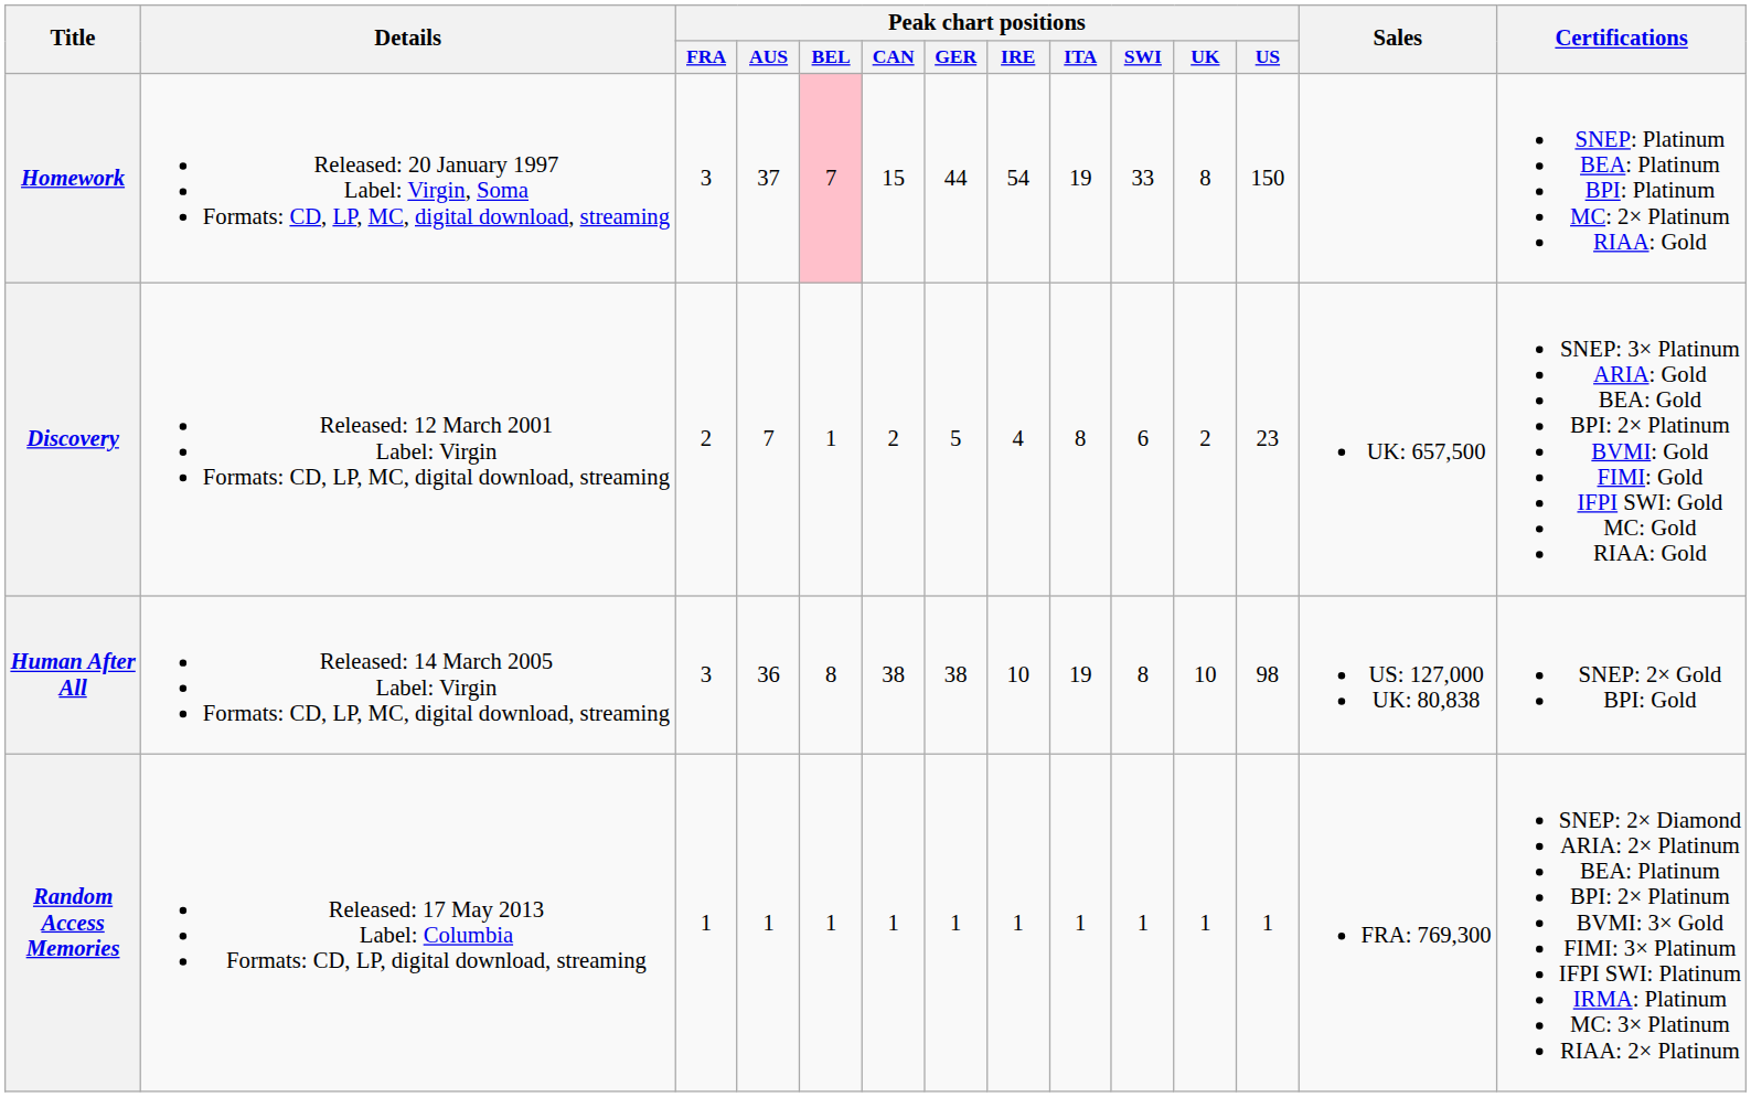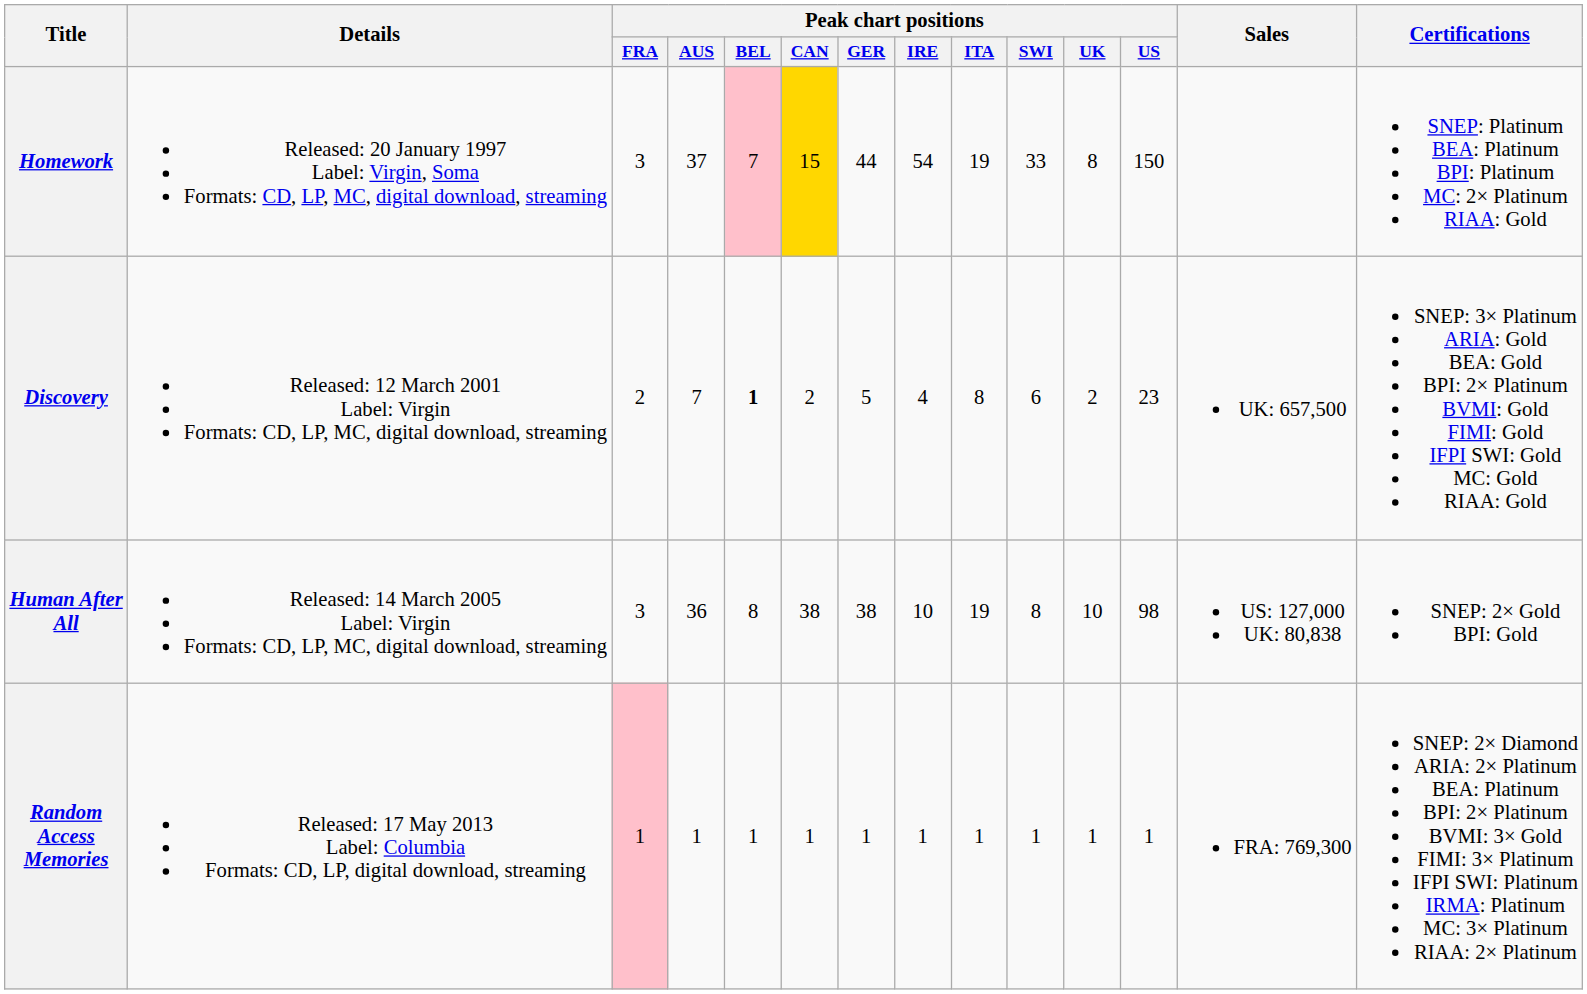 <table class="wikitable plainrowheaders" style="text-align:center;">
 <tr>
 <th scope="col" rowspan="2">Title</th>
 <th scope="col" rowspan="2">Details</th>
 <th scope="col" colspan="10">Peak chart positions</th>
 <th scope="col" rowspan="2">Sales</th>
 <th scope="col" rowspan="2"><a href='#'>Certifications</a></th>
 </tr>
 <tr>
 <th scope="col" style="width:2.75em;font-size:85%;"><a href='#'>FRA</a><br></th>
 <th scope="col" style="width:2.75em;font-size:85%;"><a href='#'>AUS</a><br></th>
 <th scope="col" style="width:2.75em;font-size:85%;"><a href='#'>BEL</a><br></th>
 <th scope="col" style="width:2.75em;font-size:85%;"><a href='#'>CAN</a><br></th>
 <th scope="col" style="width:2.75em;font-size:85%;"><a href='#'>GER</a><br></th>
 <th scope="col" style="width:2.75em;font-size:85%;"><a href='#'>IRE</a><br></th>
 <th scope="col" style="width:2.75em;font-size:85%;"><a href='#'>ITA</a><br></th>
 <th scope="col" style="width:2.75em;font-size:85%;"><a href='#'>SWI</a><br></th>
 <th scope="col" style="width:2.75em;font-size:85%;"><a href='#'>UK</a><br></th>
 <th scope="col" style="width:2.75em;font-size:85%;"><a href='#'>US</a><br></th>
 </tr>
 <tr>
 <th scope="row"><em><a href='#'>Homework</a></em></th>
 <td><br><ul><li>Released: 20 January 1997 </li><li>Label: <a href='#'>Virgin</a>, <a href='#'>Soma</a></li><li>Formats: <a href='#'>CD</a>, <a href='#'>LP</a>, <a href='#'>MC</a>, <a href='#'>digital download</a>, <a href='#'>streaming</a></li></ul></td>
 <td>3</td>
 <td>37</td>
 <td style="background: pink;">7</td>
-<td>15</td>
+<td style="background: gold;">15</td>
 <td>44</td>
 <td>54</td>
 <td>19</td>
 <td>33</td>
 <td>8</td>
 <td>150</td>
 <td></td>
 <td><br><ul><li><a href='#'>SNEP</a>: Platinum</li><li><a href='#'>BEA</a>: Platinum</li><li><a href='#'>BPI</a>: Platinum</li><li><a href='#'>MC</a>: 2× Platinum</li><li><a href='#'>RIAA</a>: Gold</li></ul></td>
 </tr>
 <tr>
 <th scope="row"><em><a href='#'>Discovery</a></em></th>
 <td><br><ul><li>Released: 12 March 2001 </li><li>Label: Virgin</li><li>Formats: CD, LP, MC, digital download, streaming</li></ul></td>
 <td>2</td>
 <td>7</td>
-<td>1</td>
+<td><strong>1</strong></td>
 <td>2</td>
 <td>5</td>
 <td>4</td>
 <td>8</td>
 <td>6</td>
 <td>2</td>
 <td>23</td>
 <td><br><ul><li>UK: 657,500</li></ul></td>
 <td><br><ul><li>SNEP: 3× Platinum</li><li><a href='#'>ARIA</a>: Gold</li><li>BEA: Gold</li><li>BPI: 2× Platinum</li><li><a href='#'>BVMI</a>: Gold</li><li><a href='#'>FIMI</a>: Gold</li><li><a href='#'>IFPI</a> SWI: Gold</li><li>MC: Gold</li><li>RIAA: Gold</li></ul></td>
 </tr>
 <tr>
 <th scope="row"><em><a href='#'>Human After<br>All</a></em></th>
 <td><br><ul><li>Released: 14 March 2005 </li><li>Label: Virgin</li><li>Formats: CD, LP, MC, digital download, streaming</li></ul></td>
 <td>3</td>
 <td>36</td>
 <td>8</td>
 <td>38</td>
 <td>38</td>
 <td>10</td>
 <td>19</td>
 <td>8</td>
 <td>10</td>
 <td>98</td>
 <td><br><ul><li>US: 127,000</li><li>UK: 80,838</li></ul></td>
 <td><br><ul><li>SNEP: 2× Gold</li><li>BPI: Gold</li></ul></td>
 </tr>
 <tr>
 <th scope="row"><em><a href='#'>Random<br>Access<br>Memories</a></em></th>
 <td><br><ul><li>Released: 17 May 2013 </li><li>Label: <a href='#'>Columbia</a></li><li>Formats: CD, LP, digital download, streaming</li></ul></td>
-<td>1</td>
+<td style="background: pink;">1</td>
 <td>1</td>
 <td>1</td>
 <td>1</td>
 <td>1</td>
 <td>1</td>
 <td>1</td>
 <td>1</td>
 <td>1</td>
 <td>1</td>
 <td><br><ul><li>FRA: 769,300</li></ul></td>
 <td><br><ul><li>SNEP: 2× Diamond</li><li>ARIA: 2× Platinum</li><li>BEA: Platinum</li><li>BPI: 2× Platinum</li><li>BVMI: 3× Gold</li><li>FIMI: 3× Platinum</li><li>IFPI SWI: Platinum</li><li><a href='#'>IRMA</a>: Platinum</li><li>MC: 3× Platinum</li><li>RIAA: 2× Platinum</li></ul></td>
 </tr>
 </table>
